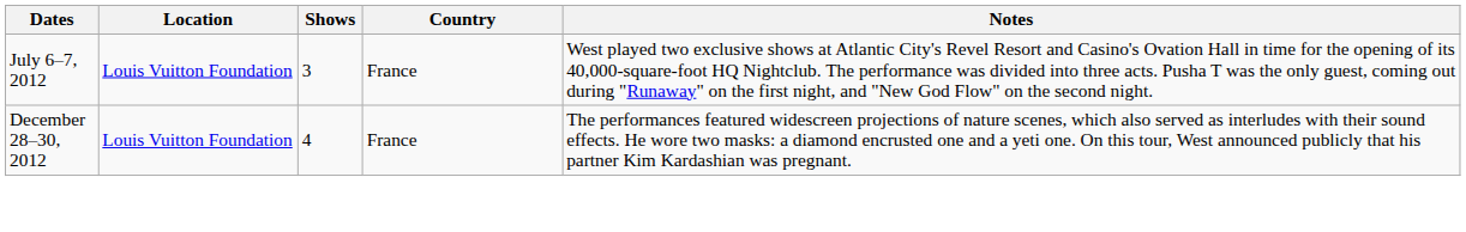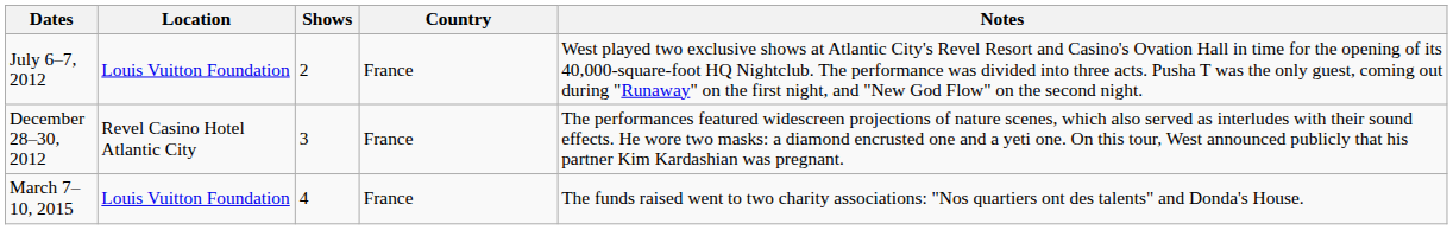 <table class="wikitable sortable plainrowheaders" width=100%>
 <tr>
 <th align="left" valign="top" width="30">Dates</th>
 <th align="left" valign="top" width="150">Location</th>
 <th align="left" valign="top" width="30">Shows</th>
 <th align="left" valign="top" width="150">Country</th>
 <th align="left" valign="top" width="700">Notes</th>
 </tr>
 <tr>
 <td>July 6–7, 2012</td>
 <td><a href='#'>Louis Vuitton Foundation</a></td>
-<td>3</td>
+<td>2</td>
 <td>France</td>
 <td>West played two exclusive shows at Atlantic City's Revel Resort and Casino's Ovation Hall in time for the opening of its 40,000-square-foot HQ Nightclub. The performance was divided into three acts. Pusha T was the only guest, coming out during "<a href='#'>Runaway</a>" on the first night, and "New God Flow" on the second night.</td>
 </tr>
 <tr>
 <td>December 28–30, 2012</td>
+<td>Revel Casino Hotel Atlantic City</td>
+<td>3</td>
+<td>France</td>
+<td>The performances featured widescreen projections of nature scenes, which also served as interludes with their sound effects. He wore two masks: a diamond encrusted one and a yeti one. On this tour, West announced publicly that his partner Kim Kardashian was pregnant.</td>
+</tr>
+<tr>
+<td>March 7–10, 2015</td>
 <td><a href='#'>Louis Vuitton Foundation</a></td>
 <td>4</td>
 <td>France</td>
-<td>The performances featured widescreen projections of nature scenes, which also served as interludes with their sound effects. He wore two masks: a diamond encrusted one and a yeti one. On this tour, West announced publicly that his partner Kim Kardashian was pregnant.</td>
+<td>The funds raised went to two charity associations: "Nos quartiers ont des talents" and Donda's House.</td>
 </tr>
 </table>
